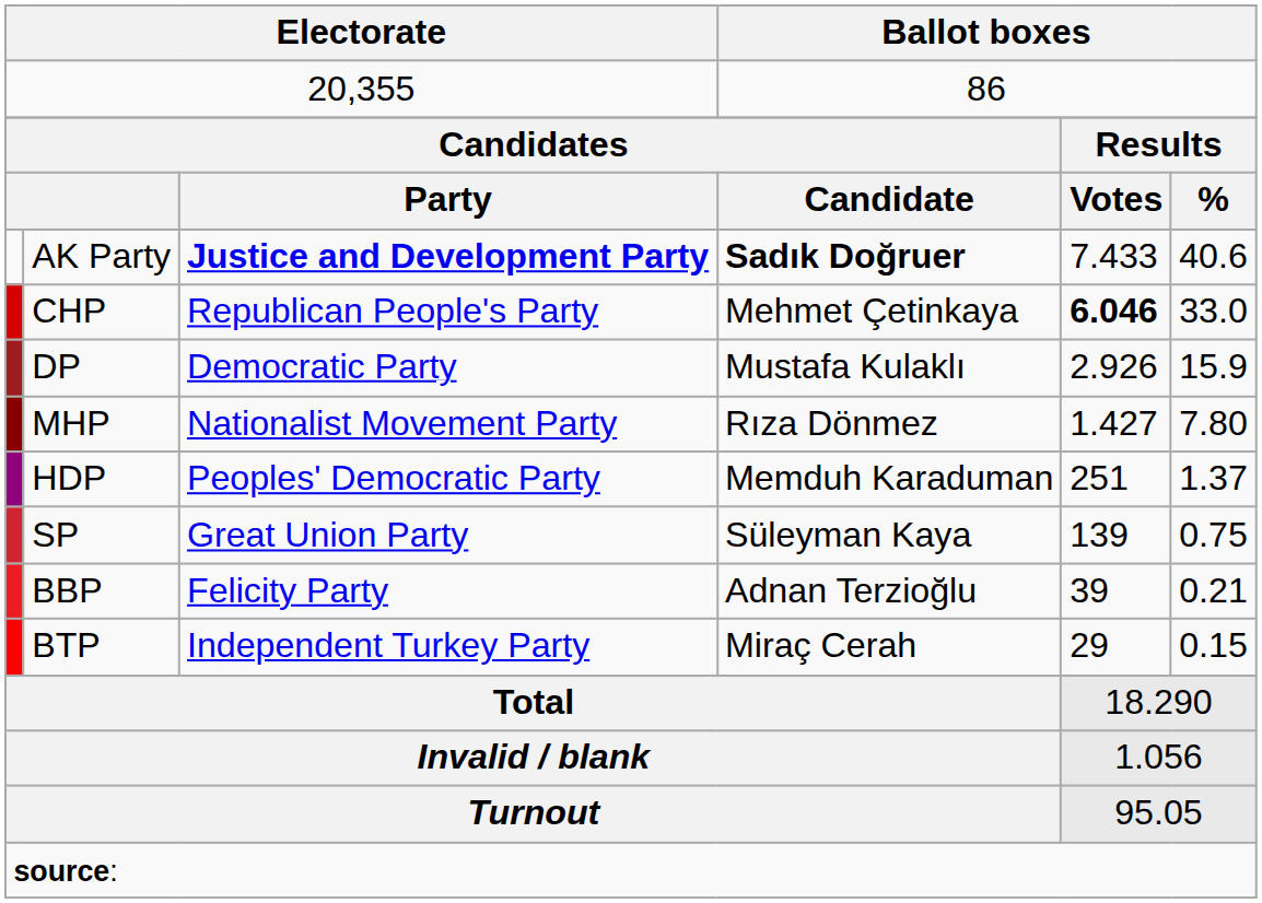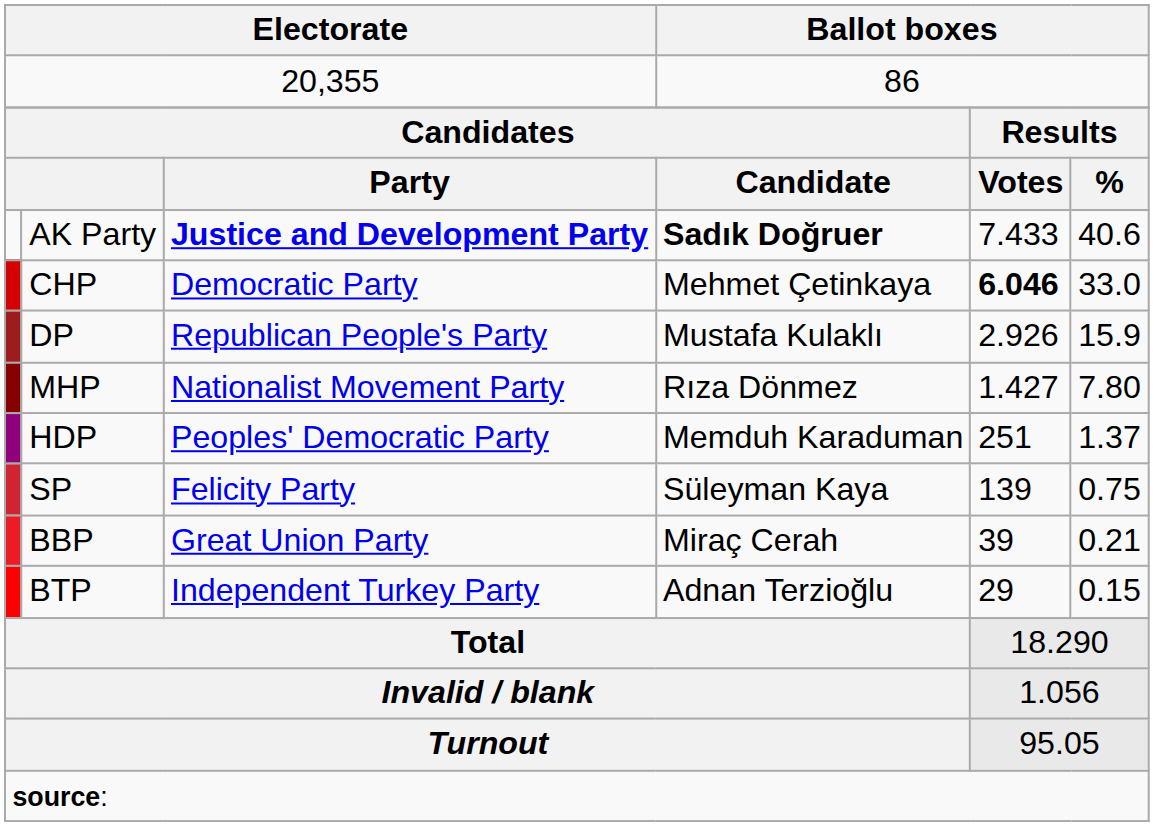 <table class="wikitable">
 <tr style="background-color:#F2F2F2">
 <td align="center" colspan="3"><strong>Electorate</strong></td>
 <td align="center" colspan="7"><strong>Ballot boxes</strong></td>
 </tr>
 <tr align="left">
 <td align="center" colspan="3">20,355</td>
 <td align="center" colspan="7">86</td>
 </tr>
 <tr>
 </tr>
 <tr style="background-color:#E9E9E9">
 </tr>
 <tr>
 <th align="center" colspan="4">Candidates</th>
 <th align="center" colspan="6">Results</th>
 </tr>
 <tr style="background-color:#E9E9E9">
 <th align="center" colspan="2"></th>
 <th align="center">Party</th>
 <th align="center">Candidate</th>
 <th align="center">Votes</th>
 <th align="center">%</th>
 </tr>
 <tr align="left">
 <td></td>
 <td>AK Party</td>
 <td><strong><a href='#'>Justice and Development Party</a></strong></td>
 <td><strong>Sadık Doğruer</strong></td>
 <td>7.433</td>
 <td>40.6</td>
 </tr>
 <tr align="left">
 <td bgcolor="#d50000" width=1></td>
 <td>CHP</td>
-<td><a href='#'>Republican People's Party</a></td>
+<td><a href='#'>Democratic Party</a></td>
 <td>Mehmet Çetinkaya</td>
 <td><strong>6.046</strong></td>
 <td>33.0</td>
 </tr>
 <tr align="left">
 <td bgcolor="#9D1D1E" width=1></td>
 <td>DP</td>
-<td><a href='#'>Democratic Party</a></td>
+<td><a href='#'>Republican People's Party</a></td>
 <td>Mustafa Kulaklı</td>
 <td>2.926</td>
 <td>15.9</td>
 </tr>
 <tr align="left">
 <td bgcolor="#870000" width=1></td>
 <td>MHP</td>
 <td><a href='#'>Nationalist Movement Party</a></td>
 <td>Rıza Dönmez</td>
 <td>1.427</td>
 <td>7.80</td>
 </tr>
 <tr align="left">
 <td bgcolor="#91007B" width=1></td>
 <td>HDP</td>
 <td><a href='#'>Peoples' Democratic Party</a></td>
 <td>Memduh Karaduman</td>
 <td>251</td>
 <td>1.37</td>
 </tr>
 <tr align="left">
 <td bgcolor="#D02433" width=1></td>
 <td>SP</td>
-<td><a href='#'>Great Union Party</a></td>
+<td><a href='#'>Felicity Party</a></td>
 <td>Süleyman Kaya</td>
 <td>139</td>
 <td>0.75</td>
 </tr>
 <tr align="left">
 <td bgcolor="#ED1C24" width=1></td>
 <td>BBP</td>
-<td><a href='#'>Felicity Party</a></td>
-<td>Adnan Terzioğlu</td>
+<td><a href='#'>Great Union Party</a></td>
+<td>Miraç Cerah</td>
 <td>39</td>
 <td>0.21</td>
 </tr>
 <tr align="left">
 <td bgcolor="#FE0000" width=1></td>
 <td>BTP</td>
 <td><a href='#'>Independent Turkey Party</a></td>
-<td>Miraç Cerah</td>
+<td>Adnan Terzioğlu</td>
 <td>29</td>
 <td>0.15</td>
 </tr>
 <tr style="background-color:#E9E9E9" align="left">
 <th align="center" colspan="4"><strong>Total</strong></th>
 <td align="center" colspan="5">18.290</td>
 </tr>
 <tr style="background-color:#E9E9E9" align="left">
 <th align="center" colspan="4"><em>Invalid / blank</em></th>
 <td align="center" colspan="5">1.056</td>
 </tr>
 <tr style="background-color:#E9E9E9" align="left">
 <th align="center" colspan="4"><em>Turnout</em></th>
 <td align="center" colspan="5">95.05</td>
 </tr>
 <tr>
 <td align="left" colspan=10><small><strong>source</strong>: </small></td>
 </tr>
 </table>
